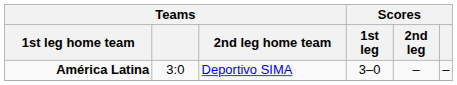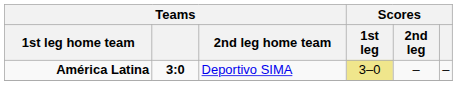 <table class="wikitable" style="text-align: center;">
 <tr>
 <th colspan=3>Teams</th>
 <th colspan=3>Scores</th>
 </tr>
 <tr>
 <th width="175">1st leg home team</th>
 <th width="50"></th>
 <th width="175">2nd leg home team</th>
 <th width="50">1st leg</th>
 <th width="50">2nd leg</th>
 <th></th>
 </tr>
 <tr>
 <td align=right><strong>América Latina</strong></td>
-<td>3:0</td>
+<td><strong>3:0</strong></td>
 <td align=left><a href='#'>Deportivo SIMA</a></td>
-<td>3–0</td>
+<td style="background: khaki;">3–0</td>
 <td>–</td>
 <td>–</td>
 </tr>
 <tr>
 </tr>
 </table>
